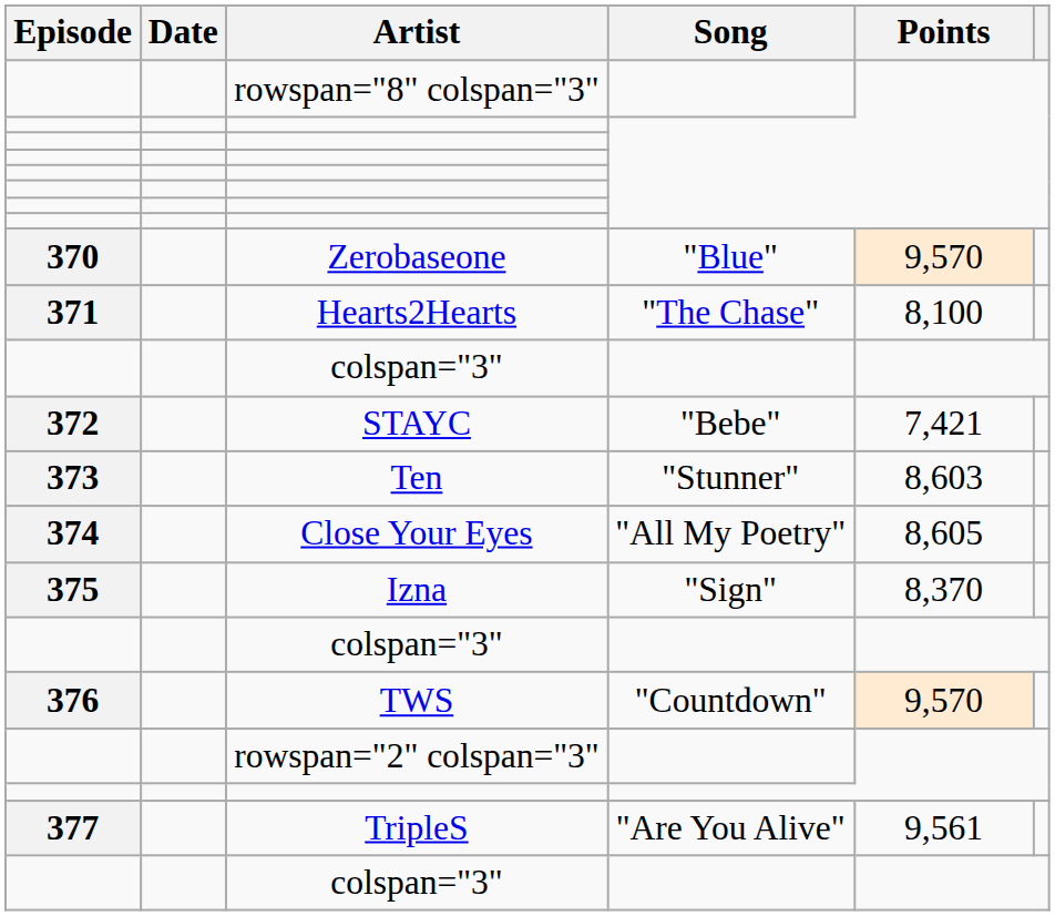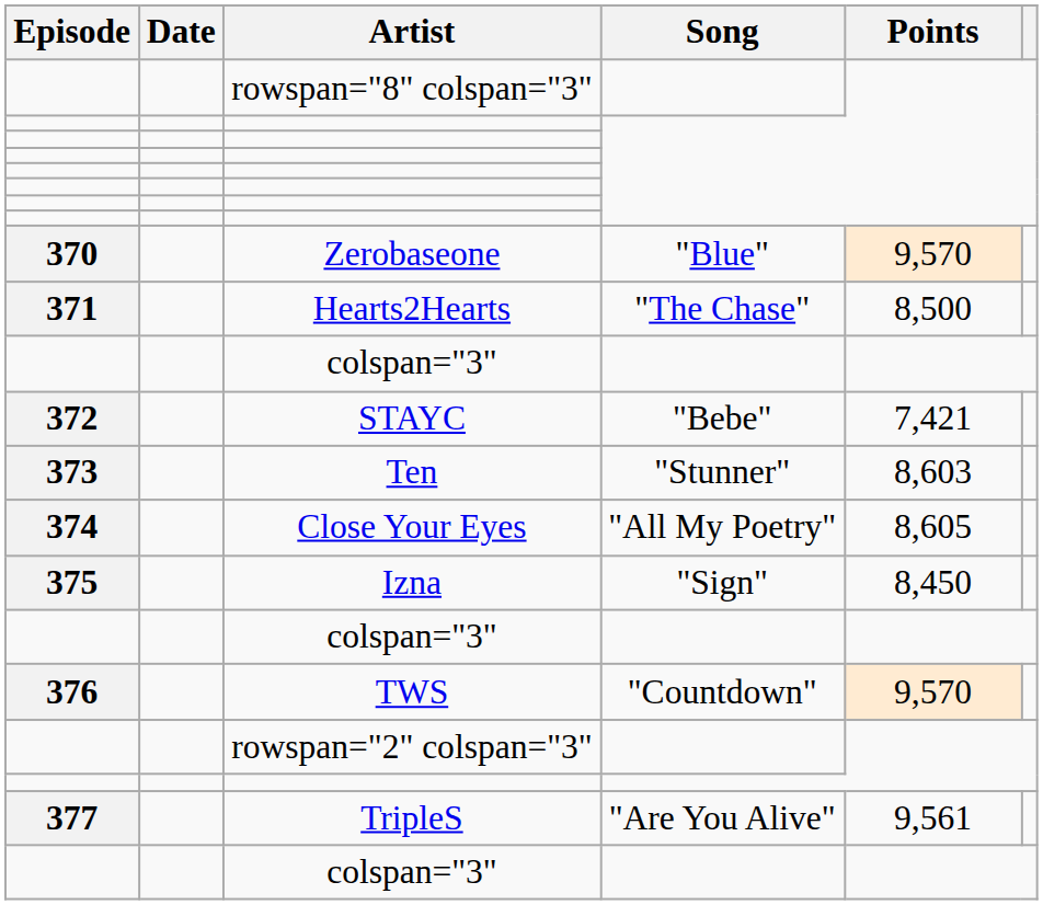 <table class="wikitable plainrowheaders sortable" style="text-align:center">
 <tr>
 <th scope="col">Episode</th>
 <th scope="col">Date</th>
 <th scope="col">Artist</th>
 <th scope="col">Song</th>
 <th scope="col">Points</th>
 <th class=unsortable></th>
 </tr>
 <tr>
 <td></td>
 <td></td>
 <td>rowspan="8" colspan="3" </td>
 <td style="text-align:center"></td>
 </tr>
 <tr>
 <td></td>
 <td></td>
 <td style="text-align:center"></td>
 </tr>
 <tr>
 <td></td>
 <td></td>
 <td style="text-align:center"></td>
 </tr>
 <tr>
 <td></td>
 <td></td>
 <td style="text-align:center"></td>
 </tr>
 <tr>
 <td></td>
 <td></td>
 <td style="text-align:center"></td>
 </tr>
 <tr>
 <td></td>
 <td></td>
 <td style="text-align:center"></td>
 </tr>
 <tr>
 <td></td>
 <td></td>
 <td style="text-align:center"></td>
 </tr>
 <tr>
 <td></td>
 <td></td>
 <td style="text-align:center"></td>
 </tr>
 <tr>
 <th scope="row" style="text-align:center">370</th>
 <td></td>
 <td><a href='#'>Zerobaseone</a></td>
 <td>"<a href='#'>Blue</a>"</td>
 <td width="75px" style="background:#FFEBD2">9,570</td>
 <td style="text-align:center"></td>
 </tr>
 <tr>
 <th scope="row" style="text-align:center">371</th>
 <td></td>
 <td><a href='#'>Hearts2Hearts</a></td>
 <td>"<a href='#'>The Chase</a>"</td>
-<td>8,100</td>
+<td>8,500</td>
 <td style="text-align:center"></td>
 </tr>
 <tr>
 <td></td>
 <td></td>
 <td>colspan="3" </td>
 <td style="text-align:center"></td>
 </tr>
 <tr>
 <th scope="row" style="text-align:center">372</th>
 <td></td>
 <td><a href='#'>STAYC</a></td>
 <td>"Bebe"</td>
 <td>7,421</td>
 <td style="text-align:center"></td>
 </tr>
 <tr>
 <th scope="row" style="text-align:center">373</th>
 <td></td>
 <td><a href='#'>Ten</a></td>
 <td>"Stunner"</td>
 <td>8,603</td>
 <td style="text-align:center"></td>
 </tr>
 <tr>
 <th scope="row" style="text-align:center">374</th>
 <td></td>
 <td><a href='#'>Close Your Eyes</a></td>
 <td>"All My Poetry"</td>
 <td>8,605</td>
 <td style="text-align:center"></td>
 </tr>
 <tr>
 <th scope="row" style="text-align:center">375</th>
 <td></td>
 <td><a href='#'>Izna</a></td>
 <td>"Sign"</td>
-<td>8,370</td>
+<td>8,450</td>
 <td style="text-align:center"></td>
 </tr>
 <tr>
 <td></td>
 <td></td>
 <td>colspan="3" </td>
 <td style="text-align:center"></td>
 </tr>
 <tr>
 <th scope="row" style="text-align:center">376</th>
 <td></td>
 <td><a href='#'>TWS</a></td>
 <td>"Countdown"</td>
 <td width="75px" style="background:#FFEBD2">9,570</td>
 <td style="text-align:center"></td>
 </tr>
 <tr>
 <td></td>
 <td></td>
 <td>rowspan="2" colspan="3" </td>
 <td style="text-align:center"></td>
 </tr>
 <tr>
 <td></td>
 <td></td>
 <td style="text-align:center"></td>
 </tr>
 <tr>
 <th scope="row" style="text-align:center">377</th>
 <td></td>
 <td><a href='#'>TripleS</a></td>
 <td>"Are You Alive"</td>
 <td>9,561</td>
 <td style="text-align:center"></td>
 </tr>
 <tr>
 <td></td>
 <td></td>
 <td>colspan="3" </td>
 <td style="text-align:center"></td>
 </tr>
 </table>
